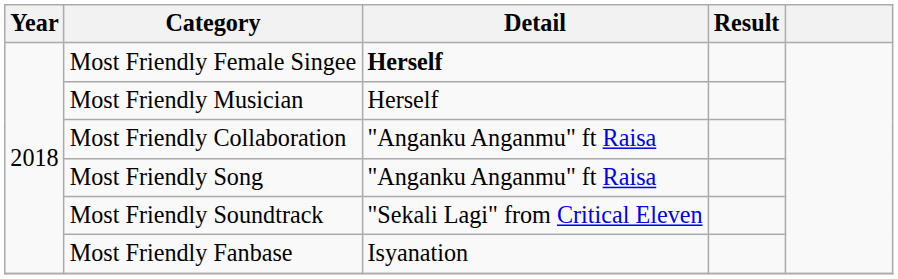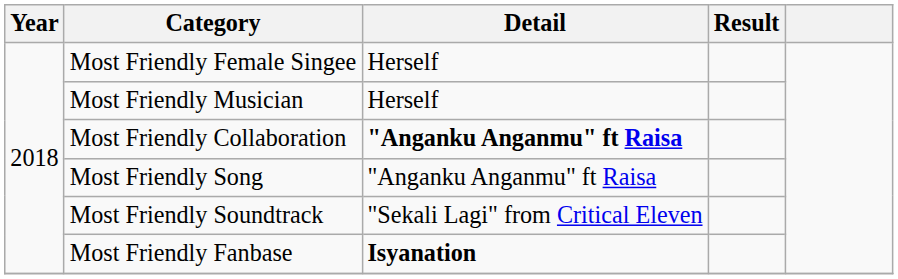 <table class="wikitable">
 <tr>
 <th>Year</th>
 <th>Category</th>
 <th>Detail</th>
 <th>Result</th>
 <th scope="col" style="width:4em;"></th>
 </tr>
 <tr>
 <td align="center" rowspan="6">2018</td>
 <td>Most Friendly Female Singee</td>
-<td><strong>Herself</strong></td>
+<td>Herself</td>
 <td></td>
 <td rowspan="6" scope="row" style="text-align:center"></td>
 </tr>
 <tr>
 <td>Most Friendly Musician</td>
 <td>Herself</td>
 <td></td>
 </tr>
 <tr>
 <td>Most Friendly Collaboration</td>
-<td>"Anganku Anganmu" ft <a href='#'>Raisa</a></td>
+<td><strong>"Anganku Anganmu" ft <a href='#'>Raisa</a></strong></td>
 <td></td>
 </tr>
 <tr>
 <td>Most Friendly Song</td>
 <td>"Anganku Anganmu" ft <a href='#'>Raisa</a></td>
 <td></td>
 </tr>
 <tr>
 <td>Most Friendly Soundtrack</td>
 <td>"Sekali Lagi" from <a href='#'>Critical Eleven</a></td>
 <td></td>
 </tr>
 <tr>
 <td>Most Friendly Fanbase</td>
-<td>Isyanation</td>
+<td><strong>Isyanation</strong></td>
 <td></td>
 </tr>
 <tr>
 </tr>
 </table>
